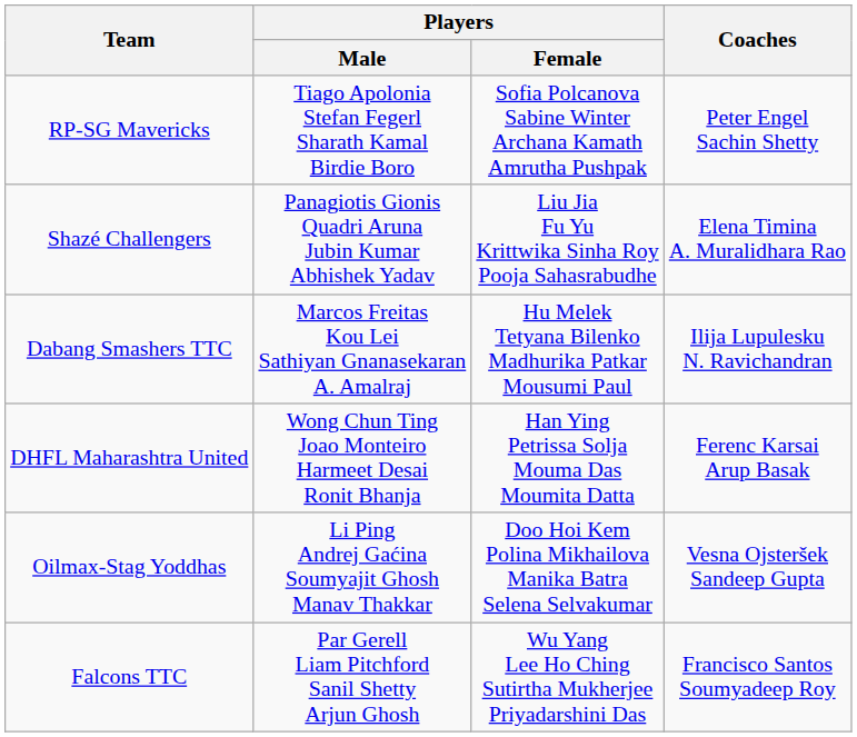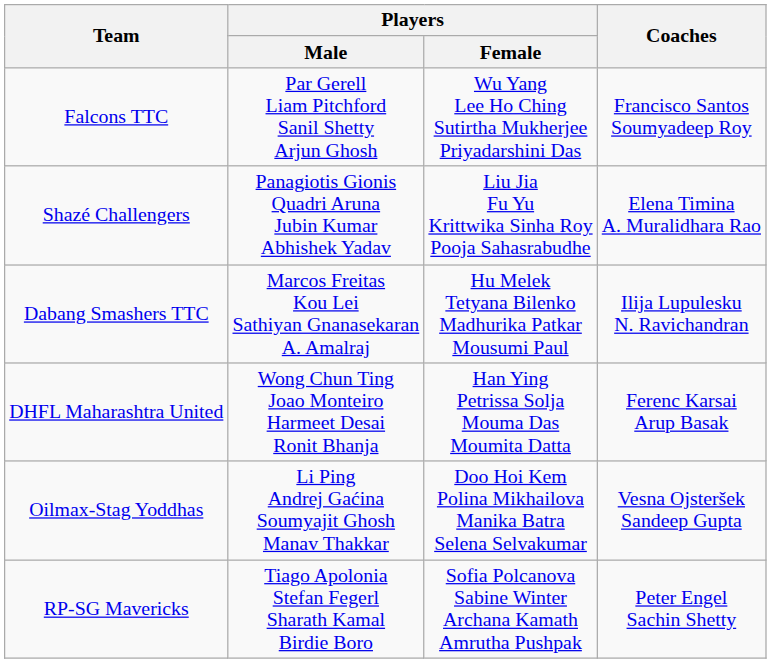 <table class="wikitable sortable" style="text-align:center;">
 <tr>
 <th rowspan=2>Team</th>
 <th colspan=2>Players</th>
 <th rowspan=2>Coaches</th>
 </tr>
 <tr>
 <th>Male</th>
 <th>Female</th>
 </tr>
 <tr>
-<td><a href='#'>RP-SG Mavericks</a></td>
-<td> <a href='#'>Tiago Apolonia</a> <br>  <a href='#'>Stefan Fegerl</a> <br> <a href='#'>Sharath Kamal</a> <br> <a href='#'>Birdie Boro</a></td>
-<td> <a href='#'>Sofia Polcanova</a> <br>  <a href='#'>Sabine Winter</a> <br> <a href='#'>Archana Kamath</a> <br>  <a href='#'>Amrutha Pushpak</a></td>
-<td> <a href='#'>Peter Engel</a> <br>  <a href='#'>Sachin Shetty</a></td>
+<td><a href='#'>Falcons TTC</a></td>
+<td> <a href='#'>Par Gerell</a> <br>  <a href='#'>Liam Pitchford</a> <br>  <a href='#'>Sanil Shetty</a> <br> <a href='#'>Arjun Ghosh</a></td>
+<td> <a href='#'>Wu Yang</a> <br>  <a href='#'>Lee Ho Ching</a> <br> <a href='#'>Sutirtha Mukherjee</a> <br>  <a href='#'>Priyadarshini Das</a></td>
+<td> <a href='#'>Francisco Santos</a> <br> <a href='#'>Soumyadeep Roy</a></td>
 </tr>
 <tr>
 <td><a href='#'>Shazé Challengers</a></td>
 <td> <a href='#'>Panagiotis Gionis</a> <br>  <a href='#'>Quadri Aruna</a> <br> <a href='#'>Jubin Kumar</a> <br>  <a href='#'>Abhishek Yadav</a></td>
 <td> <a href='#'>Liu Jia</a> <br> <a href='#'>Fu Yu</a> <br> <a href='#'>Krittwika Sinha Roy</a> <br>  <a href='#'>Pooja Sahasrabudhe</a></td>
 <td> <a href='#'>Elena Timina</a> <br> <a href='#'>A. Muralidhara Rao</a></td>
 </tr>
 <tr>
 <td><a href='#'>Dabang Smashers TTC</a></td>
 <td> <a href='#'>Marcos Freitas</a> <br>  <a href='#'>Kou Lei</a> <br><a href='#'>Sathiyan Gnanasekaran</a> <br>  <a href='#'>A. Amalraj</a></td>
 <td> <a href='#'>Hu Melek</a> <br>  <a href='#'>Tetyana Bilenko</a> <br> <a href='#'>Madhurika Patkar</a> <br>  <a href='#'>Mousumi Paul</a></td>
 <td> <a href='#'>Ilija Lupulesku</a> <br>  <a href='#'>N. Ravichandran</a></td>
 </tr>
 <tr>
 <td><a href='#'>DHFL Maharashtra United</a></td>
 <td> <a href='#'>Wong Chun Ting</a> <br>  <a href='#'>Joao Monteiro</a> <br> <a href='#'>Harmeet Desai</a> <br> <a href='#'>Ronit Bhanja</a></td>
 <td> <a href='#'>Han Ying</a> <br>  <a href='#'>Petrissa Solja</a> <br>  <a href='#'>Mouma Das</a> <br>  <a href='#'>Moumita Datta</a></td>
 <td> <a href='#'>Ferenc Karsai</a> <br> <a href='#'>Arup Basak</a></td>
 </tr>
 <tr>
 <td><a href='#'>Oilmax-Stag Yoddhas</a></td>
 <td> <a href='#'>Li Ping</a> <br> <a href='#'>Andrej Gaćina</a> <br>  <a href='#'>Soumyajit Ghosh</a> <br>  <a href='#'>Manav Thakkar</a></td>
 <td> <a href='#'>Doo Hoi Kem</a> <br>  <a href='#'>Polina Mikhailova</a> <br>  <a href='#'>Manika Batra</a> <br> <a href='#'>Selena Selvakumar</a></td>
 <td> <a href='#'>Vesna Ojsteršek</a> <br>  <a href='#'>Sandeep Gupta</a></td>
 </tr>
 <tr>
-<td><a href='#'>Falcons TTC</a></td>
-<td> <a href='#'>Par Gerell</a> <br>  <a href='#'>Liam Pitchford</a> <br>  <a href='#'>Sanil Shetty</a> <br> <a href='#'>Arjun Ghosh</a></td>
-<td> <a href='#'>Wu Yang</a> <br>  <a href='#'>Lee Ho Ching</a> <br> <a href='#'>Sutirtha Mukherjee</a> <br>  <a href='#'>Priyadarshini Das</a></td>
-<td> <a href='#'>Francisco Santos</a> <br> <a href='#'>Soumyadeep Roy</a></td>
+<td><a href='#'>RP-SG Mavericks</a></td>
+<td> <a href='#'>Tiago Apolonia</a> <br>  <a href='#'>Stefan Fegerl</a> <br> <a href='#'>Sharath Kamal</a> <br> <a href='#'>Birdie Boro</a></td>
+<td> <a href='#'>Sofia Polcanova</a> <br>  <a href='#'>Sabine Winter</a> <br> <a href='#'>Archana Kamath</a> <br>  <a href='#'>Amrutha Pushpak</a></td>
+<td> <a href='#'>Peter Engel</a> <br>  <a href='#'>Sachin Shetty</a></td>
 </tr>
 </table>
